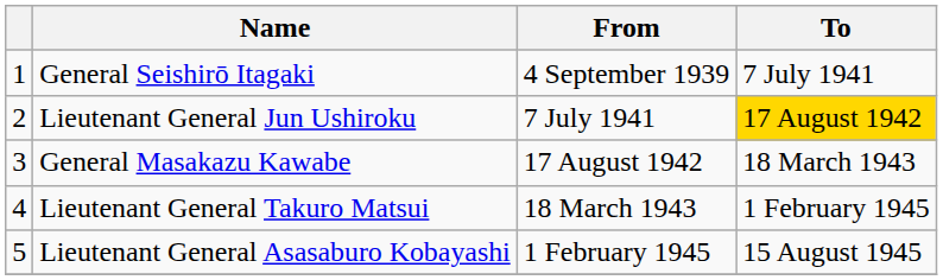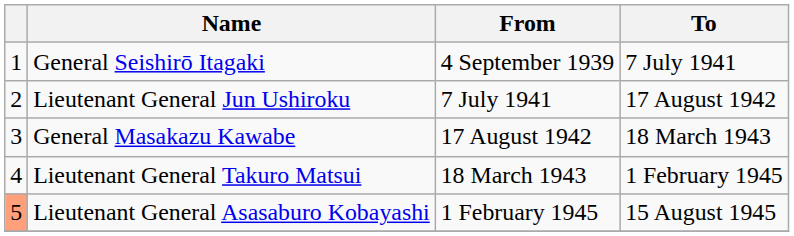 <table class=wikitable>
 <tr>
 <th></th>
 <th>Name</th>
 <th>From</th>
 <th>To</th>
 </tr>
 <tr>
 <td>1</td>
 <td>General <a href='#'>Seishirō Itagaki</a></td>
 <td>4 September 1939</td>
 <td>7 July 1941</td>
 </tr>
 <tr>
 <td>2</td>
 <td>Lieutenant General <a href='#'>Jun Ushiroku</a></td>
 <td>7 July 1941</td>
-<td style="background: gold;">17 August 1942</td>
+<td>17 August 1942</td>
 </tr>
 <tr>
 <td>3</td>
 <td>General <a href='#'>Masakazu Kawabe</a></td>
 <td>17 August 1942</td>
 <td>18 March 1943</td>
 </tr>
 <tr>
 <td>4</td>
 <td>Lieutenant General <a href='#'>Takuro Matsui</a></td>
 <td>18 March 1943</td>
 <td>1 February 1945</td>
 </tr>
 <tr>
-<td>5</td>
+<td style="background: lightsalmon;">5</td>
 <td>Lieutenant General <a href='#'>Asasaburo Kobayashi</a></td>
 <td>1 February 1945</td>
 <td>15 August 1945</td>
 </tr>
 <tr>
 </tr>
 </table>
